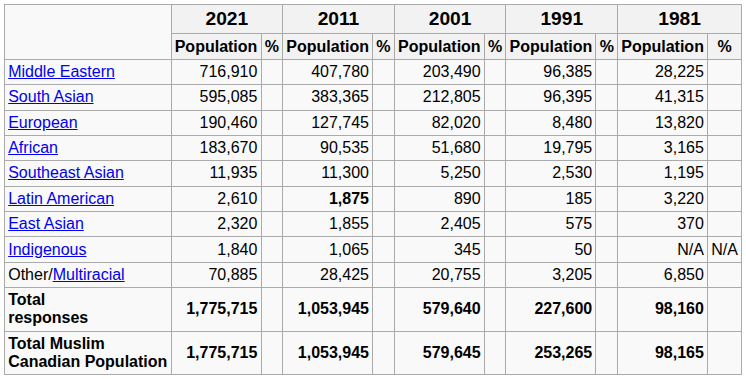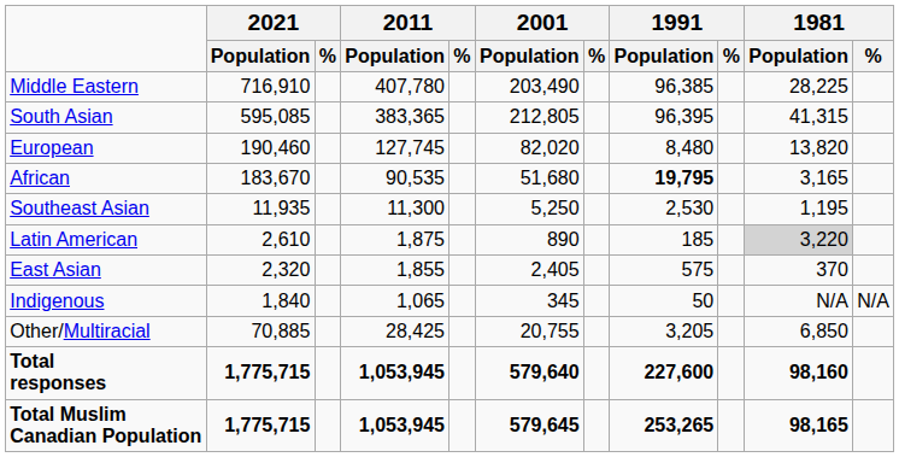 <table class="wikitable" style="text-align:right">
 <tr>
 <td rowspan=2></td>
 <th style="text-align:center;" colspan="2"><big>2021</big><br></th>
 <th style="text-align:center;" colspan="2"><big>2011</big><br></th>
 <th style="text-align:center;" colspan="2"><big>2001</big><br></th>
 <th style="text-align:center;" colspan="2"><big>1991</big><br></th>
 <th style="text-align:center;" colspan="2"><big>1981</big><br></th>
 </tr>
 <tr>
 <th>Population</th>
 <th>%</th>
 <th>Population</th>
 <th>%</th>
 <th>Population</th>
 <th>%</th>
 <th>Population</th>
 <th>%</th>
 <th>Population</th>
 <th>%</th>
 </tr>
 <tr>
 <td style="text-align:left"><a href='#'>Middle Eastern</a></td>
 <td>716,910</td>
 <td></td>
 <td>407,780</td>
 <td></td>
 <td>203,490</td>
 <td></td>
 <td>96,385</td>
 <td></td>
 <td>28,225</td>
 <td></td>
 </tr>
 <tr>
 <td style="text-align:left"><a href='#'>South Asian</a></td>
 <td>595,085</td>
 <td></td>
 <td>383,365</td>
 <td></td>
 <td>212,805</td>
 <td></td>
 <td>96,395</td>
 <td></td>
 <td>41,315</td>
 <td></td>
 </tr>
 <tr>
 <td style="text-align:left"><a href='#'>European</a></td>
 <td>190,460</td>
 <td></td>
 <td>127,745</td>
 <td></td>
 <td>82,020</td>
 <td></td>
 <td>8,480</td>
 <td></td>
 <td>13,820</td>
 <td></td>
 </tr>
 <tr>
 <td style="text-align:left"><a href='#'>African</a></td>
 <td>183,670</td>
 <td></td>
 <td>90,535</td>
 <td></td>
 <td>51,680</td>
 <td></td>
-<td>19,795</td>
+<td><strong>19,795</strong></td>
 <td></td>
 <td>3,165</td>
 <td></td>
 </tr>
 <tr>
 <td style="text-align:left"><a href='#'>Southeast Asian</a></td>
 <td>11,935</td>
 <td></td>
 <td>11,300</td>
 <td></td>
 <td>5,250</td>
 <td></td>
 <td>2,530</td>
 <td></td>
 <td>1,195</td>
 <td></td>
 </tr>
 <tr>
 <td style="text-align:left"><a href='#'>Latin American</a></td>
 <td>2,610</td>
 <td></td>
-<td><strong>1,875</strong></td>
+<td>1,875</td>
 <td></td>
 <td>890</td>
 <td></td>
 <td>185</td>
 <td></td>
-<td>3,220</td>
+<td style="background: lightgrey;">3,220</td>
 <td></td>
 </tr>
 <tr>
 <td style="text-align:left"><a href='#'>East Asian</a></td>
 <td>2,320</td>
 <td></td>
 <td>1,855</td>
 <td></td>
 <td>2,405</td>
 <td></td>
 <td>575</td>
 <td></td>
 <td>370</td>
 <td></td>
 </tr>
 <tr>
 <td style="text-align:left"><a href='#'>Indigenous</a></td>
 <td>1,840</td>
 <td></td>
 <td>1,065</td>
 <td></td>
 <td>345</td>
 <td></td>
 <td>50</td>
 <td></td>
 <td>N/A</td>
 <td>N/A</td>
 </tr>
 <tr>
 <td style="text-align:left">Other/<a href='#'>Multiracial</a></td>
 <td>70,885</td>
 <td></td>
 <td>28,425</td>
 <td></td>
 <td>20,755</td>
 <td></td>
 <td>3,205</td>
 <td></td>
 <td>6,850</td>
 <td></td>
 </tr>
 <tr>
 <td style="text-align:left"><strong>Total<br>responses</strong></td>
 <td><strong>1,775,715</strong></td>
 <td><strong></strong></td>
 <td><strong>1,053,945</strong></td>
 <td><strong></strong></td>
 <td><strong>579,640</strong></td>
 <td><strong></strong></td>
 <td><strong>227,600</strong></td>
 <td><strong></strong></td>
 <td><strong>98,160</strong></td>
 <td><strong></strong></td>
 </tr>
 <tr>
 <td style="text-align:left"> <strong>Total Muslim<br>Canadian Population</strong></td>
 <td><strong>1,775,715</strong></td>
 <td><strong></strong></td>
 <td><strong>1,053,945</strong></td>
 <td><strong></strong></td>
 <td><strong>579,645</strong></td>
 <td><strong></strong></td>
 <td><strong>253,265</strong></td>
 <td><strong></strong></td>
 <td><strong>98,165</strong></td>
 <td><strong></strong></td>
 </tr>
 </table>
